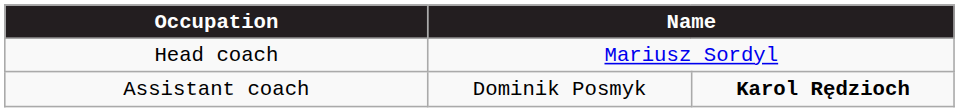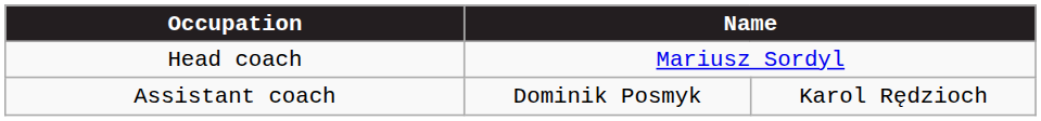 <table class="wikitable" style="font-size:100%; text-align:center">
 <tr>
 <th style="width:20em; color:#FEFEFE; background-color:#231E20">Occupation</th>
 <th colspan="2" style="width:25em; color:#FEFEFE; background-color:#231E20">Name</th>
 </tr>
 <tr>
 <td>Head coach</td>
 <td colspan="2"> <a href='#'>Mariusz Sordyl</a></td>
 </tr>
 <tr>
 <td>Assistant coach</td>
 <td> Dominik Posmyk</td>
-<td><strong> Karol Rędzioch</strong></td>
+<td> Karol Rędzioch</td>
 </tr>
 </table>
